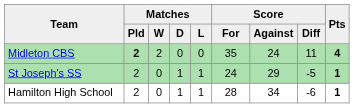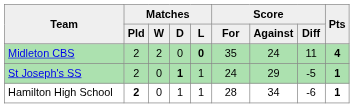 <table style=border-collapse:collapse border=1 cellspacing=0 cellpadding=5>
 <tr align=center bgcolor=#efefef>
 <th rowspan=2 width=165>Team</th>
 <th colspan=4>Matches</th>
 <th colspan=3>Score</th>
 <th rowspan=2width=20>Pts</th>
 </tr>
 <tr align=center bgcolor=#efefef>
 <th width=20>Pld</th>
 <th width=20>W</th>
 <th width=20>D</th>
 <th width=20>L</th>
 <th width=45>For</th>
 <th width=45>Against</th>
 <th width=30>Diff</th>
 </tr>
 <tr align=center style="background:#ACE1AF;">
 <td style="text-align:left;"><a href='#'>Midleton CBS</a></td>
-<td><strong>2</strong></td>
+<td>2</td>
 <td>2</td>
 <td>0</td>
-<td>0</td>
+<td><strong>0</strong></td>
 <td>35</td>
 <td>24</td>
 <td>11</td>
 <td><strong>4</strong></td>
 </tr>
 <tr align=center style="background:#ACE1AF;">
 <td style="text-align:left;"><a href='#'>St Joseph's SS</a></td>
 <td>2</td>
 <td>0</td>
-<td>1</td>
+<td><strong>1</strong></td>
 <td>1</td>
 <td>24</td>
 <td>29</td>
 <td>-5</td>
 <td><strong>1</strong></td>
 </tr>
 <tr align=center>
 <td style="text-align:left;">Hamilton High School</td>
-<td>2</td>
+<td><strong>2</strong></td>
 <td>0</td>
 <td>1</td>
 <td>1</td>
 <td>28</td>
 <td>34</td>
 <td>-6</td>
 <td><strong>1</strong></td>
 </tr>
 </table>
